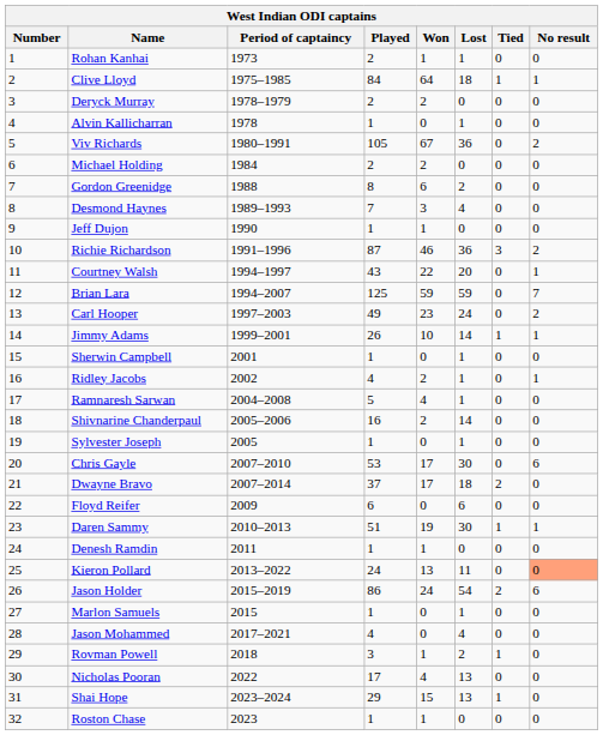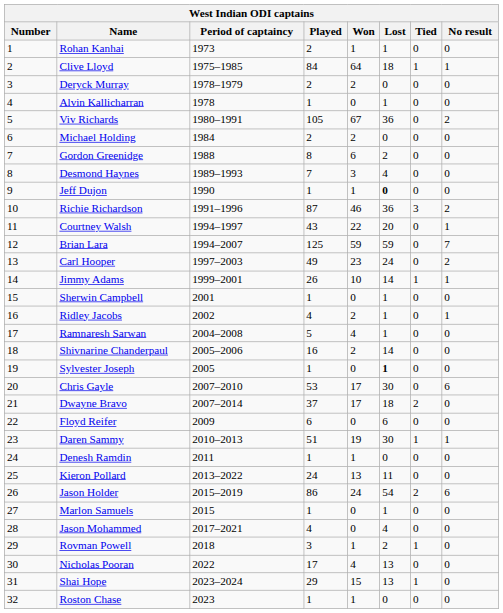 <table class="wikitable" width="80%">
 <tr bgcolor="#efefef">
 <th colspan=8 style="border-right:0px;";>West Indian ODI captains</th>
 </tr>
 <tr bgcolor="#efefef">
 <th>Number</th>
 <th>Name</th>
 <th>Period of captaincy</th>
 <th>Played</th>
 <th>Won</th>
 <th>Lost</th>
 <th>Tied</th>
 <th>No result</th>
 </tr>
 <tr>
 <td>1</td>
 <td><a href='#'>Rohan Kanhai</a></td>
 <td>1973</td>
 <td>2</td>
 <td>1</td>
 <td>1</td>
 <td>0</td>
 <td>0</td>
 </tr>
 <tr>
 <td>2</td>
 <td><a href='#'>Clive Lloyd</a></td>
 <td>1975–1985</td>
 <td>84</td>
 <td>64</td>
 <td>18</td>
 <td>1</td>
 <td>1</td>
 </tr>
 <tr>
 <td>3</td>
 <td><a href='#'>Deryck Murray</a></td>
 <td>1978–1979</td>
 <td>2</td>
 <td>2</td>
 <td>0</td>
 <td>0</td>
 <td>0</td>
 </tr>
 <tr>
 <td>4</td>
 <td><a href='#'>Alvin Kallicharran</a></td>
 <td>1978</td>
 <td>1</td>
 <td>0</td>
 <td>1</td>
 <td>0</td>
 <td>0</td>
 </tr>
 <tr>
 <td>5</td>
 <td><a href='#'>Viv Richards</a></td>
 <td>1980–1991</td>
 <td>105</td>
 <td>67</td>
 <td>36</td>
 <td>0</td>
 <td>2</td>
 </tr>
 <tr>
 <td>6</td>
 <td><a href='#'>Michael Holding</a></td>
 <td>1984</td>
 <td>2</td>
 <td>2</td>
 <td>0</td>
 <td>0</td>
 <td>0</td>
 </tr>
 <tr>
 <td>7</td>
 <td><a href='#'>Gordon Greenidge</a></td>
 <td>1988</td>
 <td>8</td>
 <td>6</td>
 <td>2</td>
 <td>0</td>
 <td>0</td>
 </tr>
 <tr>
 <td>8</td>
 <td><a href='#'>Desmond Haynes</a></td>
 <td>1989–1993</td>
 <td>7</td>
 <td>3</td>
 <td>4</td>
 <td>0</td>
 <td>0</td>
 </tr>
 <tr>
 <td>9</td>
 <td><a href='#'>Jeff Dujon</a></td>
 <td>1990</td>
 <td>1</td>
 <td>1</td>
-<td>0</td>
+<td><strong>0</strong></td>
 <td>0</td>
 <td>0</td>
 </tr>
 <tr>
 <td>10</td>
 <td><a href='#'>Richie Richardson</a></td>
 <td>1991–1996</td>
 <td>87</td>
 <td>46</td>
 <td>36</td>
 <td>3</td>
 <td>2</td>
 </tr>
 <tr>
 <td>11</td>
 <td><a href='#'>Courtney Walsh</a></td>
 <td>1994–1997</td>
 <td>43</td>
 <td>22</td>
 <td>20</td>
 <td>0</td>
 <td>1</td>
 </tr>
 <tr>
 <td>12</td>
 <td><a href='#'>Brian Lara</a></td>
 <td>1994–2007</td>
 <td>125</td>
 <td>59</td>
 <td>59</td>
 <td>0</td>
 <td>7</td>
 </tr>
 <tr>
 <td>13</td>
 <td><a href='#'>Carl Hooper</a></td>
 <td>1997–2003</td>
 <td>49</td>
 <td>23</td>
 <td>24</td>
 <td>0</td>
 <td>2</td>
 </tr>
 <tr>
 <td>14</td>
 <td><a href='#'>Jimmy Adams</a></td>
 <td>1999–2001</td>
 <td>26</td>
 <td>10</td>
 <td>14</td>
 <td>1</td>
 <td>1</td>
 </tr>
 <tr>
 <td>15</td>
 <td><a href='#'>Sherwin Campbell</a></td>
 <td>2001</td>
 <td>1</td>
 <td>0</td>
 <td>1</td>
 <td>0</td>
 <td>0</td>
 </tr>
 <tr>
 <td>16</td>
 <td><a href='#'>Ridley Jacobs</a></td>
 <td>2002</td>
 <td>4</td>
 <td>2</td>
 <td>1</td>
 <td>0</td>
 <td>1</td>
 </tr>
 <tr>
 <td>17</td>
 <td><a href='#'>Ramnaresh Sarwan</a></td>
 <td>2004–2008</td>
 <td>5</td>
 <td>4</td>
 <td>1</td>
 <td>0</td>
 <td>0</td>
 </tr>
 <tr>
 <td>18</td>
 <td><a href='#'>Shivnarine Chanderpaul</a></td>
 <td>2005–2006</td>
 <td>16</td>
 <td>2</td>
 <td>14</td>
 <td>0</td>
 <td>0</td>
 </tr>
 <tr>
 <td>19</td>
 <td><a href='#'>Sylvester Joseph</a></td>
 <td>2005</td>
 <td>1</td>
 <td>0</td>
-<td>1</td>
+<td><strong>1</strong></td>
 <td>0</td>
 <td>0</td>
 </tr>
 <tr>
 <td>20</td>
 <td><a href='#'>Chris Gayle</a></td>
 <td>2007–2010</td>
 <td>53</td>
 <td>17</td>
 <td>30</td>
 <td>0</td>
 <td>6</td>
 </tr>
 <tr>
 <td>21</td>
 <td><a href='#'>Dwayne Bravo</a></td>
 <td>2007–2014</td>
 <td>37</td>
 <td>17</td>
 <td>18</td>
 <td>2</td>
 <td>0</td>
 </tr>
 <tr>
 <td>22</td>
 <td><a href='#'>Floyd Reifer</a></td>
 <td>2009</td>
 <td>6</td>
 <td>0</td>
 <td>6</td>
 <td>0</td>
 <td>0</td>
 </tr>
 <tr>
 <td>23</td>
 <td><a href='#'>Daren Sammy</a></td>
 <td>2010–2013</td>
 <td>51</td>
 <td>19</td>
 <td>30</td>
 <td>1</td>
 <td>1</td>
 </tr>
 <tr>
 <td>24</td>
 <td><a href='#'>Denesh Ramdin</a></td>
 <td>2011</td>
 <td>1</td>
 <td>1</td>
 <td>0</td>
 <td>0</td>
 <td>0</td>
 </tr>
 <tr>
 <td>25</td>
 <td><a href='#'>Kieron Pollard</a></td>
 <td>2013–2022</td>
 <td>24</td>
 <td>13</td>
 <td>11</td>
 <td>0</td>
-<td style="background: lightsalmon;">0</td>
+<td>0</td>
 </tr>
 <tr>
 <td>26</td>
 <td><a href='#'>Jason Holder</a></td>
 <td>2015–2019</td>
 <td>86</td>
 <td>24</td>
 <td>54</td>
 <td>2</td>
 <td>6</td>
 </tr>
 <tr>
 <td>27</td>
 <td><a href='#'>Marlon Samuels</a></td>
 <td>2015</td>
 <td>1</td>
 <td>0</td>
 <td>1</td>
 <td>0</td>
 <td>0</td>
 </tr>
 <tr>
 <td>28</td>
 <td><a href='#'>Jason Mohammed</a></td>
 <td>2017–2021</td>
 <td>4</td>
 <td>0</td>
 <td>4</td>
 <td>0</td>
 <td>0</td>
 </tr>
 <tr>
 <td>29</td>
 <td><a href='#'>Rovman Powell</a></td>
 <td>2018</td>
 <td>3</td>
 <td>1</td>
 <td>2</td>
 <td>1</td>
 <td>0</td>
 </tr>
 <tr>
 <td>30</td>
 <td><a href='#'>Nicholas Pooran</a></td>
 <td>2022</td>
 <td>17</td>
 <td>4</td>
 <td>13</td>
 <td>0</td>
 <td>0</td>
 </tr>
 <tr>
 <td>31</td>
 <td><a href='#'>Shai Hope</a></td>
 <td>2023–2024</td>
 <td>29</td>
 <td>15</td>
 <td>13</td>
 <td>1</td>
 <td>0</td>
 </tr>
 <tr>
 <td>32</td>
 <td><a href='#'>Roston Chase</a></td>
 <td>2023</td>
 <td>1</td>
 <td>1</td>
 <td>0</td>
 <td>0</td>
 <td>0</td>
 </tr>
 </table>
